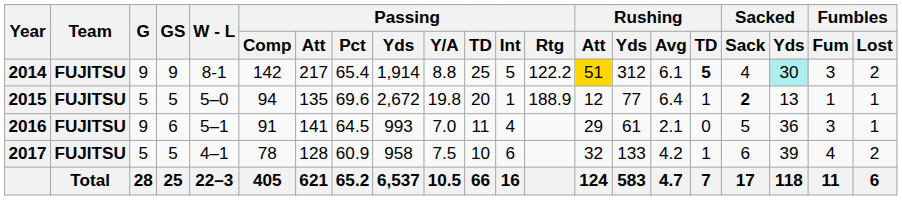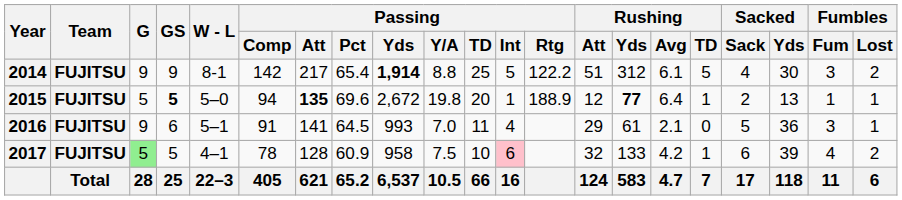 <table class="wikitable" style="text-align: center;">
 <tr>
 <th rowspan="2">Year</th>
 <th rowspan="2">Team</th>
 <th rowspan="2">G</th>
 <th rowspan="2">GS</th>
 <th rowspan="2">W - L</th>
 <th colspan="8">Passing</th>
 <th colspan="4">Rushing</th>
 <th colspan="2">Sacked</th>
 <th colspan="2">Fumbles</th>
 </tr>
 <tr>
 <th>Comp</th>
 <th>Att</th>
 <th>Pct</th>
 <th>Yds</th>
 <th>Y/A</th>
 <th>TD</th>
 <th>Int</th>
 <th>Rtg</th>
 <th>Att</th>
 <th>Yds</th>
 <th>Avg</th>
 <th>TD</th>
 <th>Sack</th>
 <th>Yds</th>
 <th>Fum</th>
 <th>Lost</th>
 </tr>
 <tr>
 <th>2014</th>
 <th>FUJITSU</th>
 <td>9</td>
 <td>9</td>
 <td>8-1</td>
 <td>142</td>
 <td>217</td>
 <td>65.4</td>
-<td>1,914</td>
+<td><strong>1,914</strong></td>
 <td>8.8</td>
 <td>25</td>
 <td>5</td>
 <td>122.2</td>
-<td style="background: gold;">51</td>
+<td>51</td>
 <td>312</td>
 <td>6.1</td>
-<td><strong>5</strong></td>
+<td>5</td>
 <td>4</td>
-<td style="background: paleturquoise;">30</td>
+<td>30</td>
 <td>3</td>
 <td>2</td>
 </tr>
 <tr>
 <th>2015</th>
 <th>FUJITSU</th>
 <td>5</td>
-<td>5</td>
+<td><strong>5</strong></td>
 <td>5–0</td>
 <td>94</td>
-<td>135</td>
+<td><strong>135</strong></td>
 <td>69.6</td>
 <td>2,672</td>
 <td>19.8</td>
 <td>20</td>
 <td>1</td>
 <td>188.9</td>
 <td>12</td>
-<td>77</td>
+<td><strong>77</strong></td>
 <td>6.4</td>
 <td>1</td>
-<td><strong>2</strong></td>
+<td>2</td>
 <td>13</td>
 <td>1</td>
 <td>1</td>
 </tr>
 <tr>
 <th>2016</th>
 <th>FUJITSU</th>
 <td>9</td>
 <td>6</td>
 <td>5–1</td>
 <td>91</td>
 <td>141</td>
 <td>64.5</td>
 <td>993</td>
 <td>7.0</td>
 <td>11</td>
 <td>4</td>
 <td></td>
 <td>29</td>
 <td>61</td>
 <td>2.1</td>
 <td>0</td>
 <td>5</td>
 <td>36</td>
 <td>3</td>
 <td>1</td>
 </tr>
 <tr>
 <th>2017</th>
 <th>FUJITSU</th>
-<td>5</td>
+<td style="background: lightgreen;">5</td>
 <td>5</td>
 <td>4–1</td>
 <td>78</td>
 <td>128</td>
 <td>60.9</td>
 <td>958</td>
 <td>7.5</td>
 <td>10</td>
-<td>6</td>
+<td style="background: pink;">6</td>
 <td></td>
 <td>32</td>
 <td>133</td>
 <td>4.2</td>
 <td>1</td>
 <td>6</td>
 <td>39</td>
 <td>4</td>
 <td>2</td>
 </tr>
 <tr>
 <th></th>
 <th>Total</th>
 <th>28</th>
 <th>25</th>
 <th>22–3</th>
 <th>405</th>
 <th>621</th>
 <th>65.2</th>
 <th>6,537</th>
 <th>10.5</th>
 <th>66</th>
 <th>16</th>
 <th></th>
 <th>124</th>
 <th>583</th>
 <th>4.7</th>
 <th>7</th>
 <th>17</th>
 <th>118</th>
 <th>11</th>
 <th>6</th>
 </tr>
 </table>
